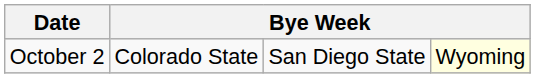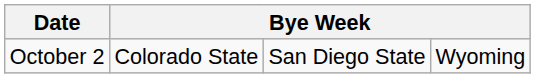 <table class="wikitable" style="font-size:95%">
 <tr>
 <th>Date</th>
 <th colspan="3">Bye Week</th>
 </tr>
 <tr>
 <td>October 2</td>
 <td>Colorado State</td>
 <td>San Diego State</td>
-<td style="background: lightyellow;">Wyoming</td>
+<td>Wyoming</td>
 </tr>
 </table>
